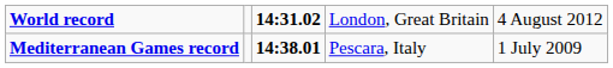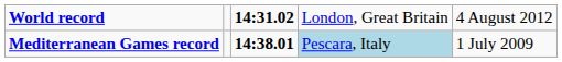 <table class="wikitable">
 <tr>
 <td><strong><a href='#'>World record</a></strong></td>
 <td></td>
 <td><strong>14:31.02</strong></td>
 <td><a href='#'>London</a>, Great Britain</td>
 <td>4 August 2012</td>
 </tr>
 <tr>
 <td><strong><a href='#'>Mediterranean Games record</a></strong></td>
 <td></td>
 <td><strong>14:38.01</strong></td>
-<td><a href='#'>Pescara</a>, Italy</td>
+<td style="background: lightblue;"><a href='#'>Pescara</a>, Italy</td>
 <td>1 July 2009</td>
 </tr>
 </table>
